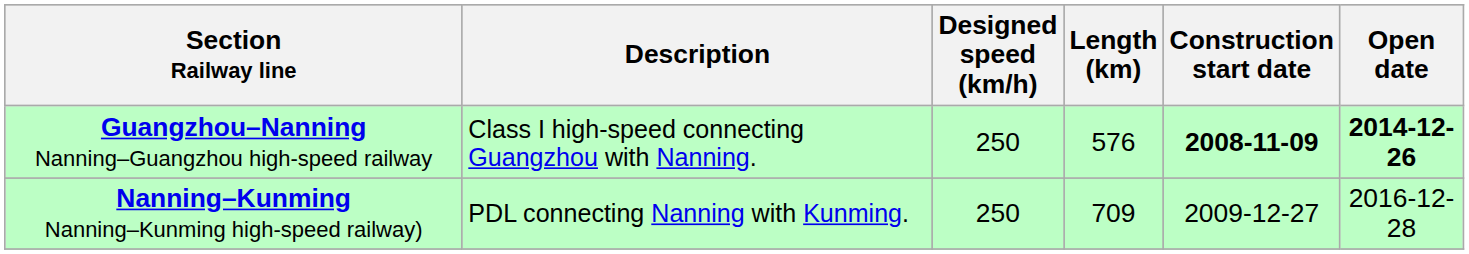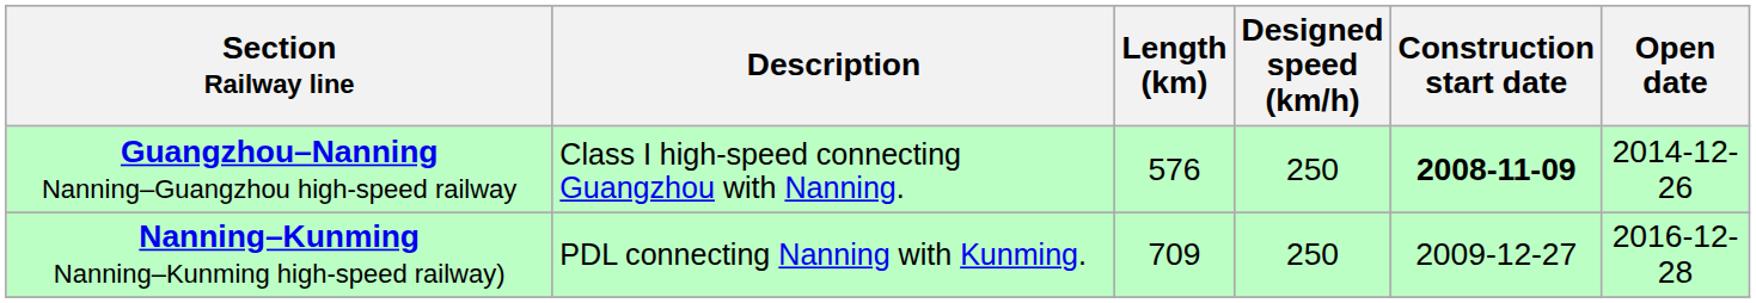 <table class="wikitable sortable" width=70% style="font-size:100%;text-align: center;">
 <tr>
 <th width="270"><strong>Section</strong> <br> <small> Railway line </small></th>
 <th><strong>Description</strong></th>
+<th><strong>Length <br> (km)</strong> <br></th>
 <th><strong>Designed <br> speed <br> (km/h)</strong> <br></th>
-<th><strong>Length <br> (km)</strong> <br></th>
 <th><strong>Construction <br> start date</strong> <br></th>
 <th><strong>Open date</strong> <br></th>
 </tr>
 <tr style="background:#bcffc5;">
 <td style="font-size:100%;"><strong><a href='#'>Guangzhou–Nanning</a></strong> <br> <small>Nanning–Guangzhou high-speed railway</small></td>
 <td style="font-size:95%; text-align:left">Class I high-speed connecting <a href='#'>Guangzhou</a> with <a href='#'>Nanning</a>.</td>
+<td>576</td>
 <td>250</td>
-<td>576</td>
 <td><strong>2008-11-09</strong></td>
-<td><strong>2014-12-26</strong></td>
+<td>2014-12-26</td>
 </tr>
 <tr style="background:#bcffc5;">
 <td style="font-size:100%;"><strong><a href='#'>Nanning–Kunming</a></strong> <br> <small>Nanning–Kunming high-speed railway)</small></td>
 <td style="font-size:95%; text-align:left">PDL connecting <a href='#'>Nanning</a> with <a href='#'>Kunming</a>.</td>
+<td>709</td>
 <td>250</td>
-<td>709</td>
 <td>2009-12-27</td>
 <td>2016-12-28</td>
 </tr>
 </table>
